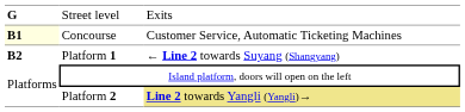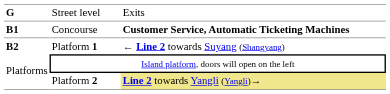 <table border="0" cellspacing="0" cellpadding="3">
 <tr>
 <td style="border-top:solid 1px gray;" width="50" valign="top"><strong>G</strong></td>
 <td style="border-top:solid 1px gray;" width="100" valign="top">Street level</td>
 <td style="border-top:solid 1px gray;" width="390" valign="top">Exits</td>
 </tr>
 <tr>
-<td style="background: lightyellow; border-bottom:solid 1px gray; border-top:solid 1px gray;" valign="top" width="50"><strong>B1<br></strong></td>
+<td style="border-bottom:solid 1px gray; border-top:solid 1px gray;" valign="top" width="50"><strong>B1<br></strong></td>
 <td style="border-bottom:solid 1px gray; border-top:solid 1px gray;" valign="top" width="100">Concourse</td>
-<td style="border-bottom:solid 1px gray; border-top:solid 1px gray;" valign="top" width="390">Customer Service, Automatic Ticketing Machines</td>
+<td style="border-bottom:solid 1px gray; border-top:solid 1px gray;" valign="top" width="390"><strong>Customer Service, Automatic Ticketing Machines</strong></td>
 </tr>
 <tr>
 <td rowspan="3" style="border-bottom:solid 1px gray;" valign="top"><strong>B2<br></strong><br>Platforms</td>
 <td>Platform <strong>1</strong></td>
 <td>← <a href='#'><span><span><strong>Line 2</strong></span></span></a> towards <a href='#'>Suyang</a> <small>(<a href='#'>Shangyang</a>)</small></td>
 </tr>
 <tr>
 <td colspan="2" style="border-right:solid 2px black;border-left:solid 2px black;border-top:solid 2px black;border-bottom:solid 2px black;text-align:center;"><small><a href='#'>Island platform</a>, doors will open on the left</small></td>
 </tr>
 <tr>
 <td style="border-bottom:solid 1px gray;">Platform <strong>2</strong></td>
 <td style="background: khaki; border-bottom:solid 1px gray;"> <a href='#'><span><span><strong>Line 2</strong></span></span></a>  towards <a href='#'>Yangli</a> <small>(<a href='#'>Yangli</a>)</small>→</td>
 </tr>
 <tr>
 </tr>
 </table>
